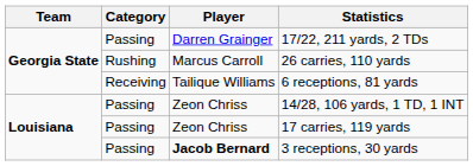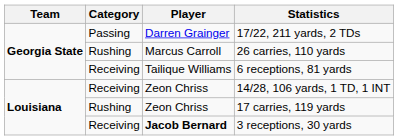 <table class="wikitable" style="float: left;">
 <tr>
 <th>Team</th>
 <th>Category</th>
 <th>Player</th>
 <th>Statistics</th>
 </tr>
 <tr>
 <td rowspan=3><strong>Georgia State</strong></td>
 <td>Passing</td>
 <td><a href='#'>Darren Grainger</a></td>
 <td>17/22, 211 yards, 2 TDs</td>
 </tr>
 <tr>
 <td>Rushing</td>
 <td>Marcus Carroll</td>
 <td>26 carries, 110 yards</td>
 </tr>
 <tr>
 <td>Receiving</td>
 <td>Tailique Williams</td>
 <td>6 receptions, 81 yards</td>
 </tr>
 <tr>
 <td rowspan=3><strong>Louisiana</strong></td>
-<td>Passing</td>
+<td>Receiving</td>
 <td>Zeon Chriss</td>
 <td>14/28, 106 yards, 1 TD, 1 INT</td>
 </tr>
 <tr>
-<td>Passing</td>
+<td>Rushing</td>
 <td>Zeon Chriss</td>
 <td>17 carries, 119 yards</td>
 </tr>
 <tr>
-<td>Passing</td>
+<td>Receiving</td>
 <td><strong>Jacob Bernard</strong></td>
 <td>3 receptions, 30 yards</td>
 </tr>
 </table>
